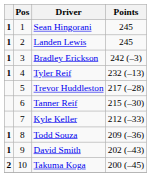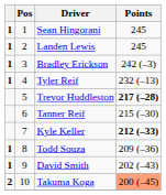 <table class="wikitable" style="font-size: 95%;">
 <tr>
 <th></th>
 <th>Pos</th>
 <th>Driver</th>
 <th>Points</th>
 </tr>
 <tr>
 <td align="left"> <strong>1</strong></td>
 <td style="text-align:center;">1</td>
 <td><a href='#'>Sean Hingorani</a></td>
 <td style="text-align:center;">245</td>
 </tr>
 <tr>
 <td align="left"> <strong>1</strong></td>
 <td style="text-align:center;">2</td>
 <td><a href='#'>Landen Lewis</a></td>
 <td style="text-align:center;">245</td>
 </tr>
 <tr>
 <td align="left"> <strong>1</strong></td>
 <td style="text-align:center;">3</td>
 <td><a href='#'>Bradley Erickson</a></td>
 <td style="text-align:center;">242 (–3)</td>
 </tr>
 <tr>
 <td align="left"> <strong>1</strong></td>
 <td style="text-align:center;">4</td>
 <td><a href='#'>Tyler Reif</a></td>
 <td style="text-align:center;">232 (–13)</td>
 </tr>
 <tr>
 <td align="left"></td>
 <td style="text-align:center;">5</td>
 <td><a href='#'>Trevor Huddleston</a></td>
-<td style="text-align:center;">217 (–28)</td>
+<td style="text-align:center;"><strong>217 (–28)</strong></td>
 </tr>
 <tr>
 <td align="left"></td>
 <td style="text-align:center;">6</td>
 <td><a href='#'>Tanner Reif</a></td>
 <td style="text-align:center;">215 (–30)</td>
 </tr>
 <tr>
 <td align="left"></td>
 <td style="text-align:center;">7</td>
 <td><a href='#'>Kyle Keller</a></td>
-<td style="text-align:center;">212 (–33)</td>
+<td style="text-align:center;"><strong>212 (–33)</strong></td>
 </tr>
 <tr>
 <td align="left"> <strong>1</strong></td>
 <td style="text-align:center;">8</td>
 <td><a href='#'>Todd Souza</a></td>
 <td style="text-align:center;">209 (–36)</td>
 </tr>
 <tr>
 <td align="left"> <strong>1</strong></td>
 <td style="text-align:center;">9</td>
 <td><a href='#'>David Smith</a></td>
 <td style="text-align:center;">202 (–43)</td>
 </tr>
 <tr>
 <td align="left"> <strong>2</strong></td>
 <td style="text-align:center;">10</td>
 <td><a href='#'>Takuma Koga</a></td>
-<td style="text-align:center;">200 (–45)</td>
+<td style="background: lightsalmon; text-align:center;">200 (–45)</td>
 </tr>
 <tr class="sortbottom">
 </tr>
 </table>
